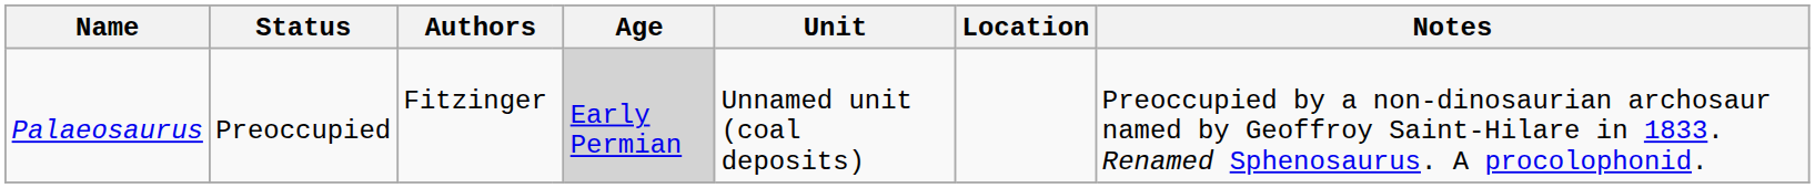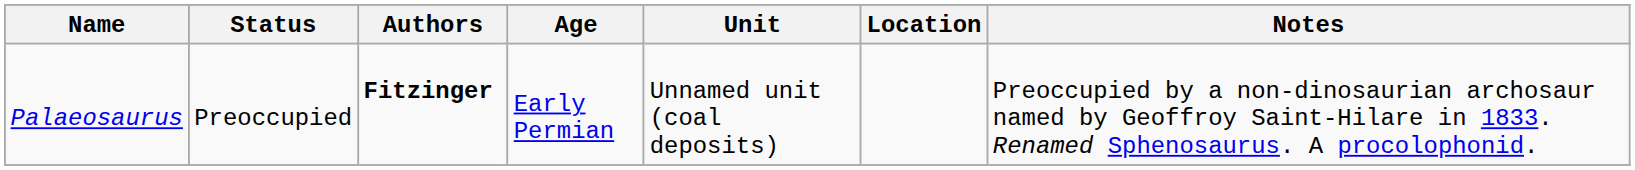 <table class="wikitable sortable" align="center" width="100%">
 <tr>
 <th>Name</th>
 <th>Status</th>
 <th colspan="2">Authors</th>
 <th>Age</th>
 <th>Unit</th>
 <th>Location</th>
 <th>Notes</th>
 </tr>
 <tr>
 <td><br><em><a href='#'>Palaeosaurus</a></em></td>
 <td><br>Preoccupied</td>
-<td style="border-right:0px" valign="top"><br>Fitzinger</td>
+<td style="border-right:0px" valign="top"><strong><br>Fitzinger</strong></td>
 <td style="border-left:0px" valign="top"></td>
-<td style="background: lightgrey;"><br><a href='#'>Early Permian</a></td>
+<td><br><a href='#'>Early Permian</a></td>
 <td><br>Unnamed unit (coal deposits)</td>
 <td><br></td>
 <td><br>Preoccupied by a non-dinosaurian archosaur named by Geoffroy Saint-Hilare in <a href='#'>1833</a>. <em>Renamed</em> <a href='#'>Sphenosaurus</a>. A <a href='#'>procolophonid</a>.</td>
 </tr>
 </table>
